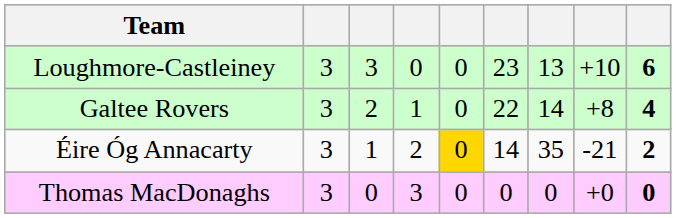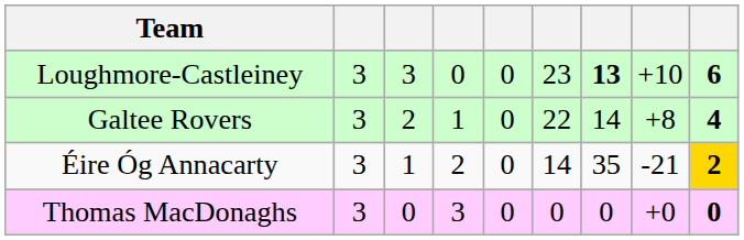 <table class="wikitable" style="text-align:center">
 <tr>
 <th style="width:175px;">Team</th>
 <th width="20"></th>
 <th width="20"></th>
 <th width="20"></th>
 <th width="20"></th>
 <th width="20"></th>
 <th width="20"></th>
 <th width="20"></th>
 <th width="20"></th>
 </tr>
 <tr style="background:#cfc;">
 <td>Loughmore-Castleiney</td>
 <td>3</td>
 <td>3</td>
 <td>0</td>
 <td>0</td>
 <td>23</td>
-<td>13</td>
+<td><strong>13</strong></td>
 <td>+10</td>
 <td><strong>6</strong></td>
 </tr>
 <tr style="background:#cfc;">
 <td>Galtee Rovers</td>
 <td>3</td>
 <td>2</td>
 <td>1</td>
 <td>0</td>
 <td>22</td>
 <td>14</td>
 <td>+8</td>
 <td><strong>4</strong></td>
 </tr>
 <tr>
 <td>Éire Óg Annacarty</td>
 <td>3</td>
 <td>1</td>
 <td>2</td>
-<td style="background: gold;">0</td>
+<td>0</td>
 <td>14</td>
 <td>35</td>
 <td>-21</td>
-<td><strong>2</strong></td>
+<td style="background: gold;"><strong>2</strong></td>
 </tr>
 <tr style="background:#fcf;">
 <td>Thomas MacDonaghs</td>
 <td>3</td>
 <td>0</td>
 <td>3</td>
 <td>0</td>
 <td>0</td>
 <td>0</td>
 <td>+0</td>
 <td><strong>0</strong></td>
 </tr>
 </table>
